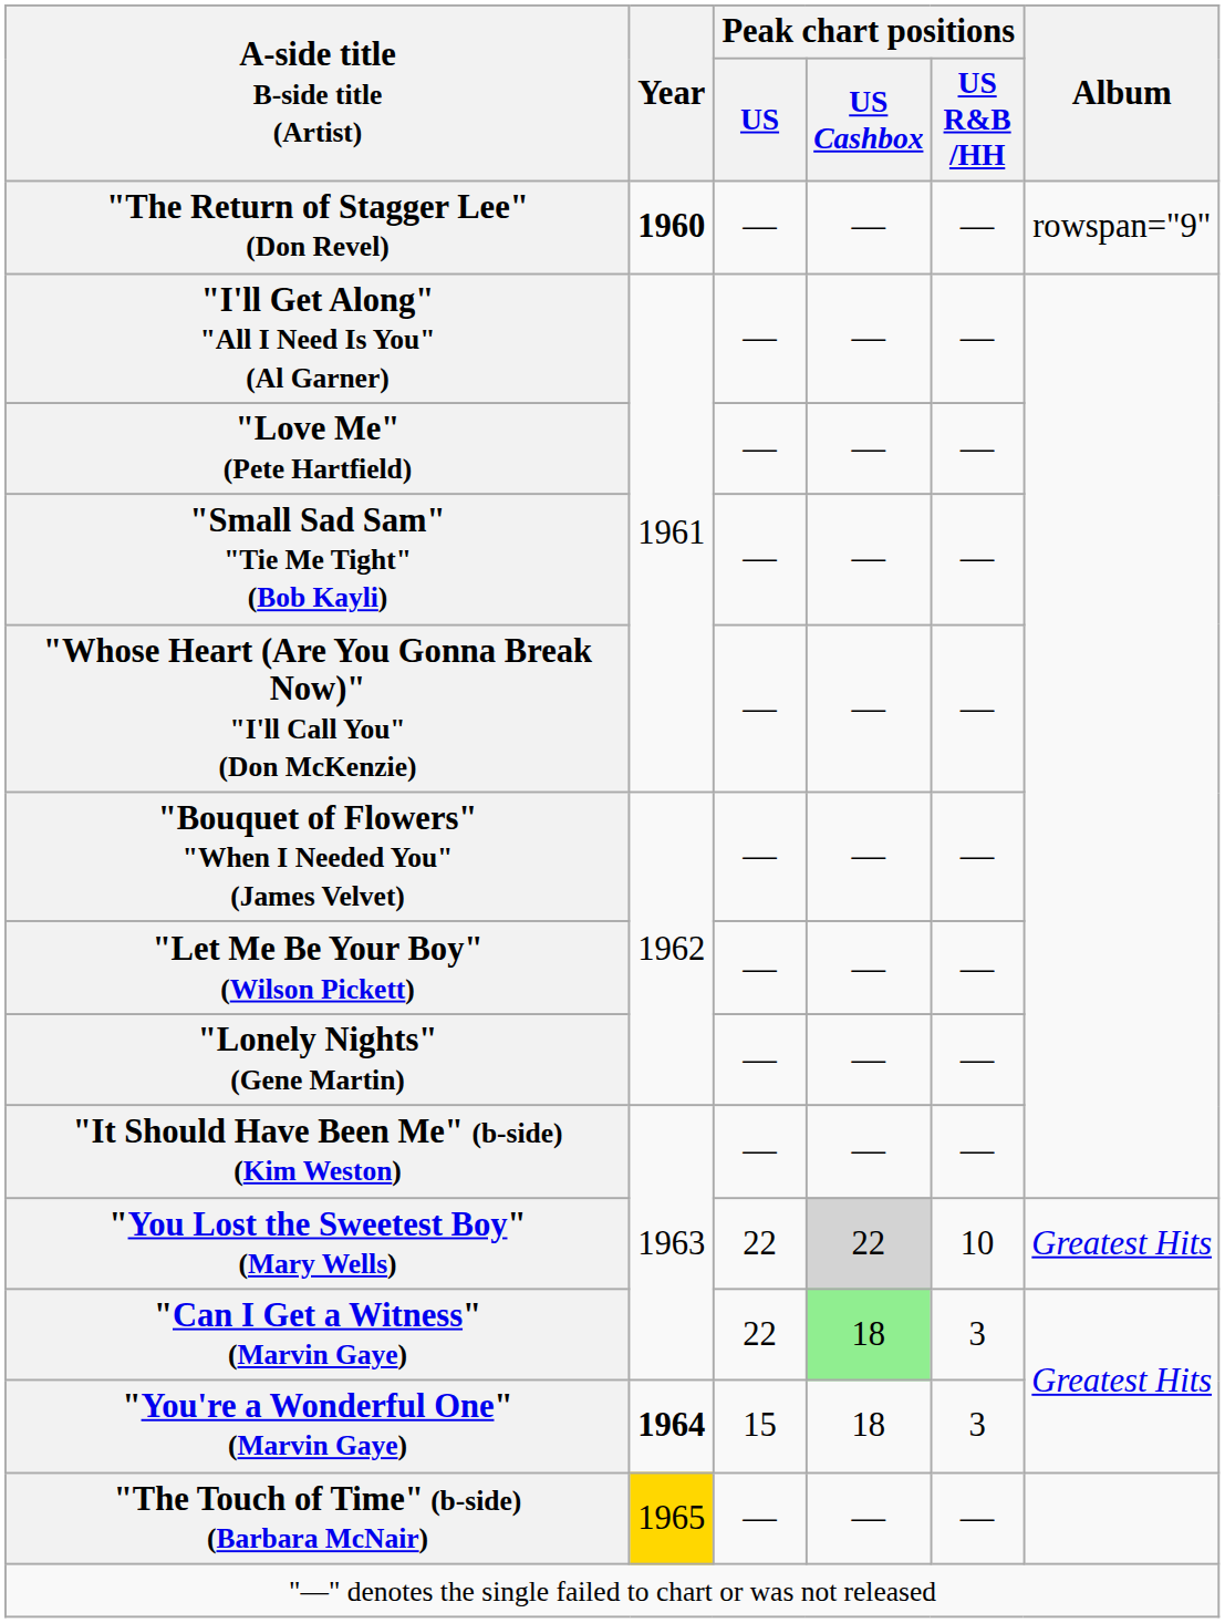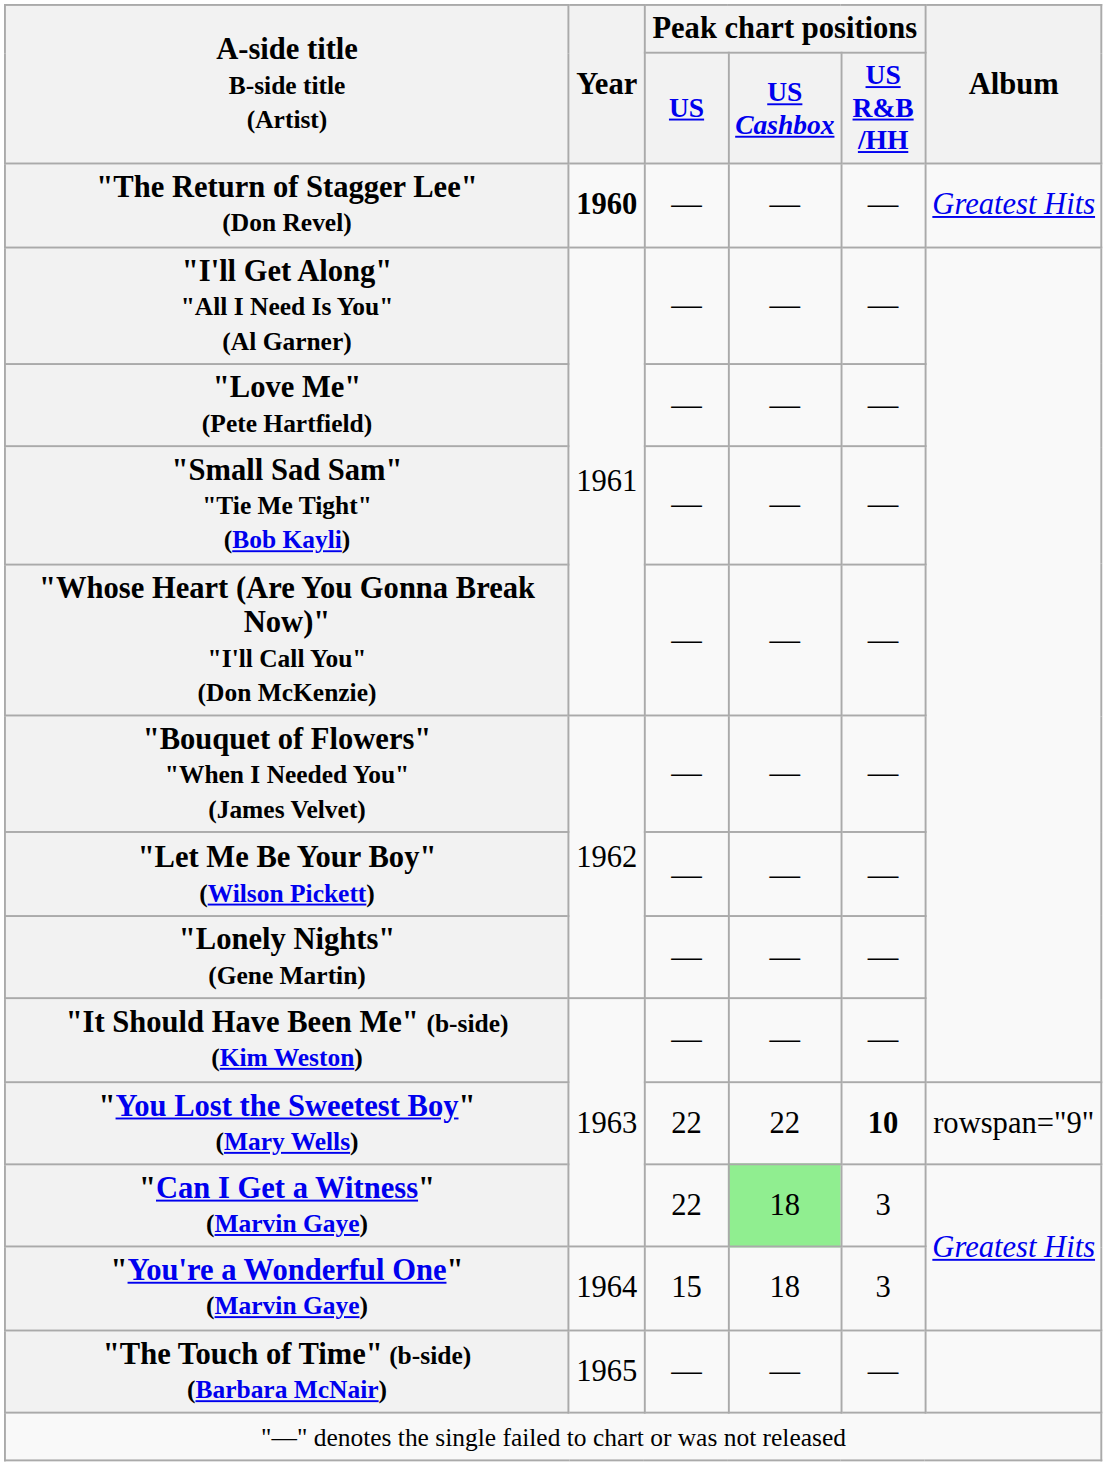 <table class="wikitable plainrowheaders" style="text-align:center;">
 <tr>
 <th rowspan="2" style="width:18em;">A-side title<br><small>B-side title</small><br><small>(Artist)</small></th>
 <th rowspan="2">Year</th>
 <th colspan="3">Peak chart positions</th>
 <th rowspan="2" scope="col">Album</th>
 </tr>
 <tr>
 <th scope="col" style="width:2.6em; font-size:90%;"><a href='#'>US</a><br></th>
 <th scope="col" style="width:2.6em; font-size:90%;"><a href='#'>US<br><em>Cashbox</em></a><br></th>
 <th scope="col" style="width:2.6em; font-size:90%;"><a href='#'>US<br>R&B<br>/HH</a><br></th>
 </tr>
 <tr>
 <th scope="row">"The Return of Stagger Lee" <br><small>(Don Revel)</small></th>
 <td><strong>1960</strong></td>
 <td>—</td>
 <td>—</td>
 <td>—</td>
-<td>rowspan="9" </td>
+<td><em><a href='#'>Greatest Hits</a></em></td>
 </tr>
 <tr>
 <th scope="row">"I'll Get Along" <br><small>"All I Need Is You"</small> <br><small>(Al Garner)</small></th>
 <td rowspan="4">1961</td>
 <td>—</td>
 <td>—</td>
 <td>—</td>
 </tr>
 <tr>
 <th scope="row">"Love Me" <br><small>(Pete Hartfield)</small></th>
 <td>—</td>
 <td>—</td>
 <td>—</td>
 </tr>
 <tr>
 <th scope="row">"Small Sad Sam" <br><small>"Tie Me Tight"</small> <br><small>(<a href='#'>Bob Kayli</a>)</small></th>
 <td>—</td>
 <td>—</td>
 <td>—</td>
 </tr>
 <tr>
 <th scope="row">"Whose Heart (Are You Gonna Break Now)"<br><small>"I'll Call You"</small> <br><small>(Don McKenzie)</small></th>
 <td>—</td>
 <td>—</td>
 <td>—</td>
 </tr>
 <tr>
 <th scope="row">"Bouquet of Flowers" <br><small>"When I Needed You"</small> <br><small>(James Velvet)</small></th>
 <td rowspan="3">1962</td>
 <td>—</td>
 <td>—</td>
 <td>—</td>
 </tr>
 <tr>
 <th scope="row">"Let Me Be Your Boy" <br><small>(<a href='#'>Wilson Pickett</a>)</small></th>
 <td>—</td>
 <td>—</td>
 <td>—</td>
 </tr>
 <tr>
 <th scope="row">"Lonely Nights" <br><small>(Gene Martin)</small></th>
 <td>—</td>
 <td>—</td>
 <td>—</td>
 </tr>
 <tr>
 <th scope="row">"It Should Have Been Me" <small>(b-side)</small> <br><small>(<a href='#'>Kim Weston</a>)</small></th>
 <td rowspan="3">1963</td>
 <td>—</td>
 <td>—</td>
 <td>—</td>
 </tr>
 <tr>
 <th scope="row">"<a href='#'>You Lost the Sweetest Boy</a>" <br><small>(<a href='#'>Mary Wells</a>)</small></th>
 <td>22</td>
-<td style="background: lightgrey;">22</td>
-<td>10</td>
-<td><em><a href='#'>Greatest Hits</a></em></td>
+<td>22</td>
+<td><strong>10</strong></td>
+<td>rowspan="9" </td>
 </tr>
 <tr>
 <th scope="row">"<a href='#'>Can I Get a Witness</a>" <br><small>(<a href='#'>Marvin Gaye</a>)</small></th>
 <td>22</td>
 <td style="background: lightgreen;">18</td>
 <td>3<br></td>
 <td rowspan="2"><em><a href='#'>Greatest Hits</a></em></td>
 </tr>
 <tr>
 <th scope="row">"<a href='#'>You're a Wonderful One</a>" <br><small>(<a href='#'>Marvin Gaye</a>)</small></th>
-<td><strong>1964</strong></td>
+<td>1964</td>
 <td>15</td>
 <td>18</td>
 <td>3<br></td>
 </tr>
 <tr>
 <th scope="row">"The Touch of Time"<small> (b-side)</small> <br><small>(<a href='#'>Barbara McNair</a>)</small></th>
-<td style="background: gold;">1965</td>
+<td>1965</td>
 <td>—</td>
 <td>—</td>
 <td>—</td>
 <td></td>
 </tr>
 <tr>
 <td colspan="7"><small>"—" denotes the single failed to chart or was not released</small></td>
 </tr>
 </table>
